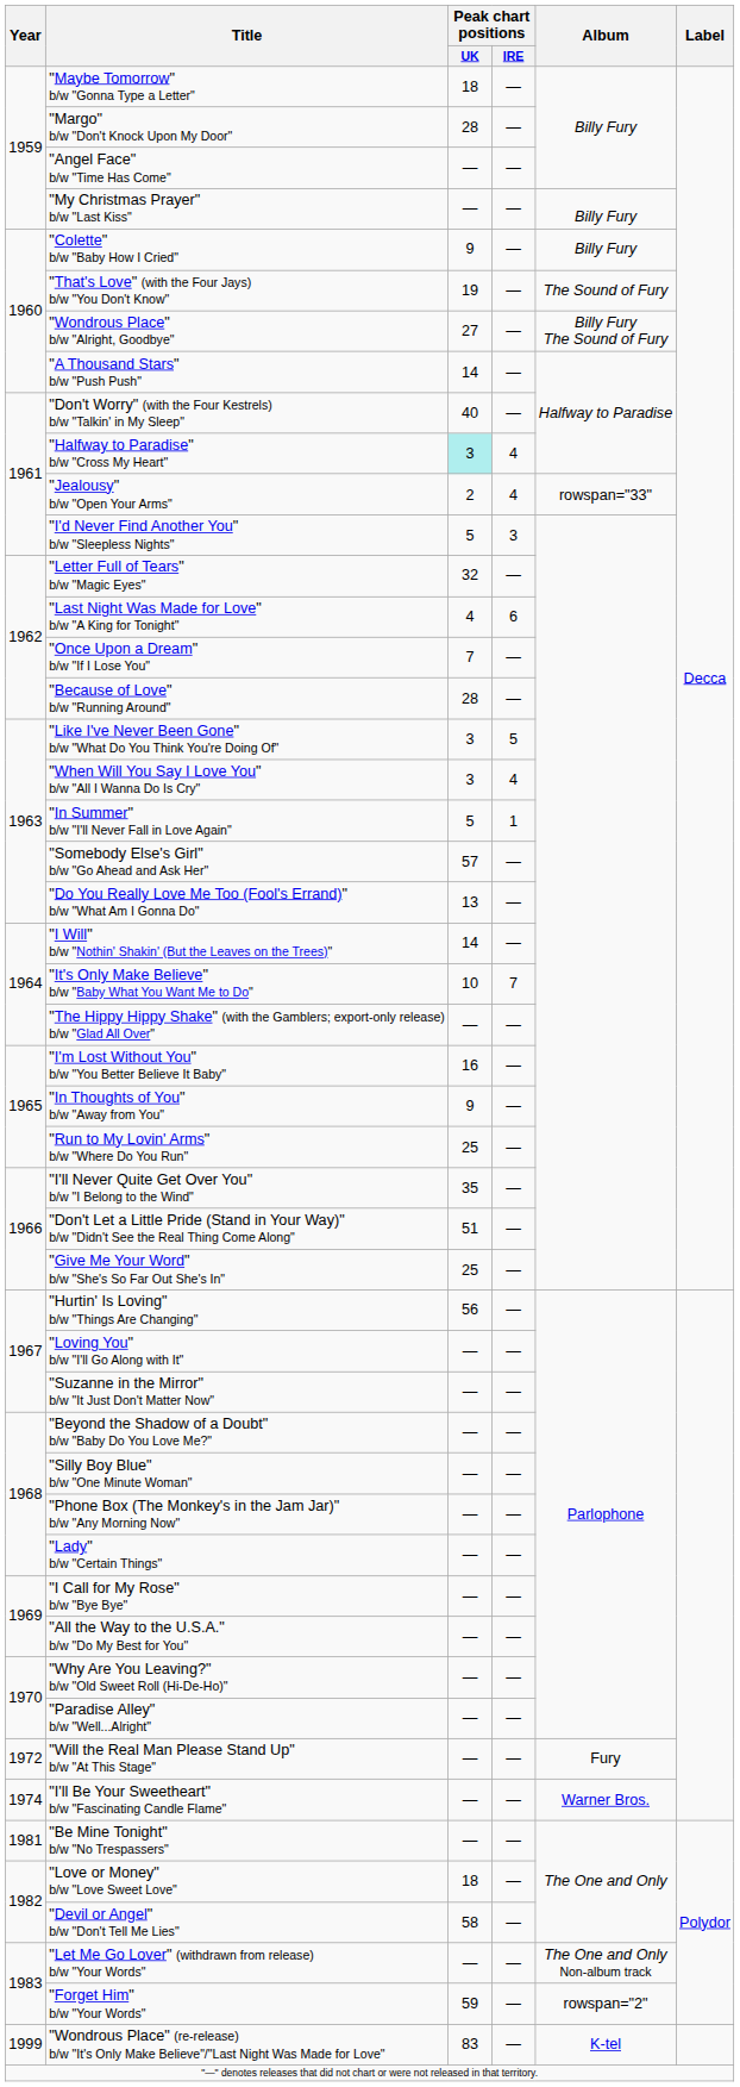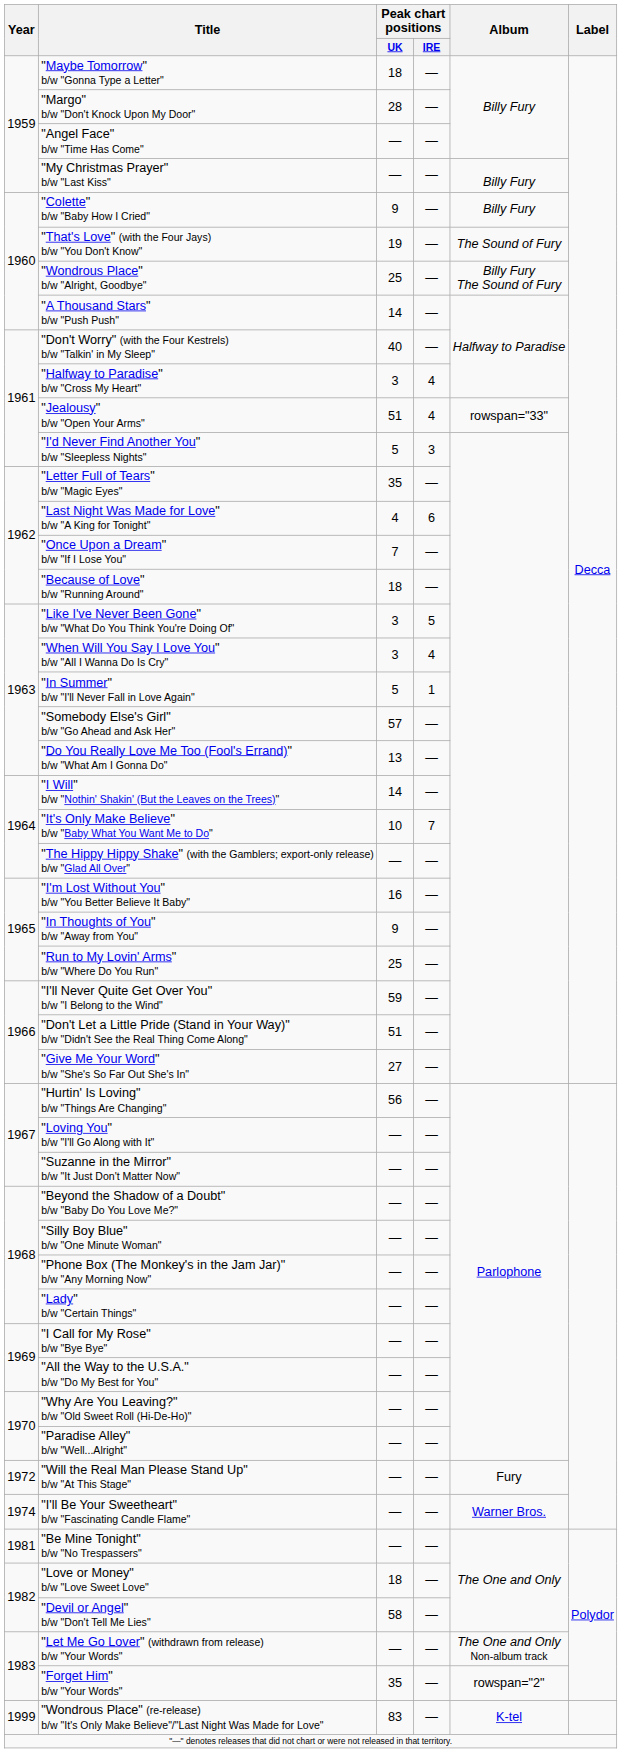 <table class="wikitable" style="text-align:center">
 <tr>
 <th rowspan="2">Year</th>
 <th rowspan="2">Title</th>
 <th colspan="2">Peak chart<br>positions</th>
 <th rowspan="2">Album</th>
 <th rowspan="2">Label</th>
 </tr>
 <tr style="font-size:smaller;">
 <th style="width:3em;"><a href='#'>UK</a><br></th>
 <th style="width:3em;"><a href='#'>IRE</a><br></th>
 </tr>
 <tr>
 <td rowspan="4">1959</td>
 <td align="left">"<a href='#'>Maybe Tomorrow</a>"<br><small>b/w "Gonna Type a Letter"</small></td>
 <td>18</td>
 <td>—</td>
 <td rowspan="3"><em>Billy Fury</em></td>
 <td rowspan="30"><a href='#'>Decca</a></td>
 </tr>
 <tr>
 <td align="left">"Margo"<br><small>b/w "Don't Knock Upon My Door"</small></td>
 <td>28</td>
 <td>—</td>
 </tr>
 <tr>
 <td align="left">"Angel Face"<br><small>b/w "Time Has Come"</small></td>
 <td>—</td>
 <td>—</td>
 </tr>
 <tr>
 <td align="left">"My Christmas Prayer"<br><small>b/w "Last Kiss"</small></td>
 <td>—</td>
 <td>—</td>
 <td><br><em>Billy Fury</em></td>
 </tr>
 <tr>
 <td rowspan="4">1960</td>
 <td align="left">"<a href='#'>Colette</a>"<br><small>b/w "Baby How I Cried"</small></td>
 <td>9</td>
 <td>—</td>
 <td><em>Billy Fury</em></td>
 </tr>
 <tr>
 <td align="left">"<a href='#'>That's Love</a>" <small>(with the Four Jays)</small><br><small>b/w "You Don't Know"</small></td>
 <td>19</td>
 <td>—</td>
 <td><em>The Sound of Fury</em></td>
 </tr>
 <tr>
 <td align="left">"<a href='#'>Wondrous Place</a>"<br><small>b/w "Alright, Goodbye"</small></td>
-<td>27</td>
+<td>25</td>
 <td>—</td>
 <td><em>Billy Fury</em><br><em>The Sound of Fury</em></td>
 </tr>
 <tr>
 <td align="left">"<a href='#'>A Thousand Stars</a>"<br><small>b/w "Push Push"</small></td>
 <td>14</td>
 <td>—</td>
 <td rowspan="3"><em>Halfway to Paradise</em></td>
 </tr>
 <tr>
 <td rowspan="4">1961</td>
 <td align="left">"Don't Worry" <small>(with the Four Kestrels)</small><br><small>b/w "Talkin' in My Sleep"</small></td>
 <td>40</td>
 <td>—</td>
 </tr>
 <tr>
 <td align="left">"<a href='#'>Halfway to Paradise</a>"<br><small>b/w "Cross My Heart"</small></td>
-<td style="background: paleturquoise;">3</td>
+<td>3</td>
 <td>4</td>
 </tr>
 <tr>
 <td align="left">"<a href='#'>Jealousy</a>"<br><small>b/w "Open Your Arms"</small></td>
-<td>2</td>
+<td>51</td>
 <td>4</td>
 <td>rowspan="33" </td>
 </tr>
 <tr>
 <td align="left">"<a href='#'>I'd Never Find Another You</a>"<br><small>b/w "Sleepless Nights"</small></td>
 <td>5</td>
 <td>3</td>
 </tr>
 <tr>
 <td rowspan="4">1962</td>
 <td align="left">"<a href='#'>Letter Full of Tears</a>"<br><small>b/w "Magic Eyes"</small></td>
-<td>32</td>
+<td>35</td>
 <td>—</td>
 </tr>
 <tr>
 <td align="left">"<a href='#'>Last Night Was Made for Love</a>"<br><small>b/w "A King for Tonight"</small></td>
 <td>4</td>
 <td>6</td>
 </tr>
 <tr>
 <td align="left">"<a href='#'>Once Upon a Dream</a>"<br><small>b/w "If I Lose You"</small></td>
 <td>7</td>
 <td>—</td>
 </tr>
 <tr>
 <td align="left">"<a href='#'>Because of Love</a>"<br><small>b/w "Running Around"</small></td>
-<td>28</td>
+<td>18</td>
 <td>—</td>
 </tr>
 <tr>
 <td rowspan="5">1963</td>
 <td align="left">"<a href='#'>Like I've Never Been Gone</a>"<br><small>b/w "What Do You Think You're Doing Of"</small></td>
 <td>3</td>
 <td>5</td>
 </tr>
 <tr>
 <td align="left">"<a href='#'>When Will You Say I Love You</a>"<br><small>b/w "All I Wanna Do Is Cry"</small></td>
 <td>3</td>
 <td>4</td>
 </tr>
 <tr>
 <td align="left">"<a href='#'>In Summer</a>"<br><small>b/w "I'll Never Fall in Love Again"</small></td>
 <td>5</td>
 <td>1</td>
 </tr>
 <tr>
 <td align="left">"Somebody Else's Girl"<br><small>b/w "Go Ahead and Ask Her"</small></td>
 <td>57</td>
 <td>—</td>
 </tr>
 <tr>
 <td align="left">"<a href='#'>Do You Really Love Me Too (Fool's Errand)</a>"<br><small>b/w "What Am I Gonna Do"</small></td>
 <td>13</td>
 <td>—</td>
 </tr>
 <tr>
 <td rowspan="3">1964</td>
 <td align="left">"<a href='#'>I Will</a>"<br><small>b/w "<a href='#'>Nothin' Shakin' (But the Leaves on the Trees)</a>"</small></td>
 <td>14</td>
 <td>—</td>
 </tr>
 <tr>
 <td align="left">"<a href='#'>It's Only Make Believe</a>"<br><small>b/w "<a href='#'>Baby What You Want Me to Do</a>"</small></td>
 <td>10</td>
 <td>7</td>
 </tr>
 <tr>
 <td align="left">"<a href='#'>The Hippy Hippy Shake</a>" <small>(with the Gamblers; export-only release)</small><br><small>b/w "<a href='#'>Glad All Over</a>"</small></td>
 <td>—</td>
 <td>—</td>
 </tr>
 <tr>
 <td rowspan="3">1965</td>
 <td align="left">"<a href='#'>I'm Lost Without You</a>"<br><small>b/w "You Better Believe It Baby"</small></td>
 <td>16</td>
 <td>—</td>
 </tr>
 <tr>
 <td align="left">"<a href='#'>In Thoughts of You</a>"<br><small>b/w "Away from You"</small></td>
 <td>9</td>
 <td>—</td>
 </tr>
 <tr>
 <td align="left">"<a href='#'>Run to My Lovin' Arms</a>"<br><small>b/w "Where Do You Run"</small></td>
 <td>25</td>
 <td>—</td>
 </tr>
 <tr>
 <td rowspan="3">1966</td>
 <td align="left">"I'll Never Quite Get Over You"<br><small>b/w "I Belong to the Wind"</small></td>
-<td>35</td>
+<td>59</td>
 <td>—</td>
 </tr>
 <tr>
 <td align="left">"Don't Let a Little Pride (Stand in Your Way)"<br><small>b/w "Didn't See the Real Thing Come Along"</small></td>
 <td>51</td>
 <td>—</td>
 </tr>
 <tr>
 <td align="left">"<a href='#'>Give Me Your Word</a>"<br><small>b/w "She's So Far Out She's In"</small></td>
-<td>25</td>
+<td>27</td>
 <td>—</td>
 </tr>
 <tr>
 <td rowspan="3">1967</td>
 <td align="left">"Hurtin' Is Loving"<br><small>b/w "Things Are Changing"</small></td>
 <td>56</td>
 <td>—</td>
 <td rowspan="11"><a href='#'>Parlophone</a></td>
 </tr>
 <tr>
 <td align="left">"<a href='#'>Loving You</a>"<br><small>b/w "I'll Go Along with It"</small></td>
 <td>—</td>
 <td>—</td>
 </tr>
 <tr>
 <td align="left">"Suzanne in the Mirror"<br><small>b/w "It Just Don't Matter Now"</small></td>
 <td>—</td>
 <td>—</td>
 </tr>
 <tr>
 <td rowspan="4">1968</td>
 <td align="left">"Beyond the Shadow of a Doubt"<br><small>b/w "Baby Do You Love Me?"</small></td>
 <td>—</td>
 <td>—</td>
 </tr>
 <tr>
 <td align="left">"Silly Boy Blue"<br><small>b/w "One Minute Woman"</small></td>
 <td>—</td>
 <td>—</td>
 </tr>
 <tr>
 <td align="left">"Phone Box (The Monkey's in the Jam Jar)"<br><small>b/w "Any Morning Now"</small></td>
 <td>—</td>
 <td>—</td>
 </tr>
 <tr>
 <td align="left">"<a href='#'>Lady</a>"<br><small>b/w "Certain Things"</small></td>
 <td>—</td>
 <td>—</td>
 </tr>
 <tr>
 <td rowspan="2">1969</td>
 <td align="left">"I Call for My Rose"<br><small>b/w "Bye Bye"</small></td>
 <td>—</td>
 <td>—</td>
 </tr>
 <tr>
 <td align="left">"All the Way to the U.S.A."<br><small>b/w "Do My Best for You"</small></td>
 <td>—</td>
 <td>—</td>
 </tr>
 <tr>
 <td rowspan="2">1970</td>
 <td align="left">"Why Are You Leaving?"<br><small>b/w "Old Sweet Roll (Hi-De-Ho)"</small></td>
 <td>—</td>
 <td>—</td>
 </tr>
 <tr>
 <td align="left">"Paradise Alley"<br><small>b/w "Well...Alright"</small></td>
 <td>—</td>
 <td>—</td>
 </tr>
 <tr>
 <td>1972</td>
 <td align="left">"Will the Real Man Please Stand Up"<br><small>b/w "At This Stage"</small></td>
 <td>—</td>
 <td>—</td>
 <td>Fury</td>
 </tr>
 <tr>
 <td>1974</td>
 <td align="left">"I'll Be Your Sweetheart"<br><small>b/w "Fascinating Candle Flame"</small></td>
 <td>—</td>
 <td>—</td>
 <td><a href='#'>Warner Bros.</a></td>
 </tr>
 <tr>
 <td>1981</td>
 <td align="left">"Be Mine Tonight"<br><small>b/w "No Trespassers"</small></td>
 <td>—</td>
 <td>—</td>
 <td rowspan="3"><em>The One and Only</em></td>
 <td rowspan="5"><a href='#'>Polydor</a></td>
 </tr>
 <tr>
 <td rowspan="2">1982</td>
 <td align="left">"Love or Money"<br><small>b/w "Love Sweet Love"</small></td>
 <td>18</td>
 <td>—</td>
 </tr>
 <tr>
 <td align="left">"<a href='#'>Devil or Angel</a>"<br><small>b/w "Don't Tell Me Lies"</small></td>
 <td>58</td>
 <td>—</td>
 </tr>
 <tr>
 <td rowspan="2">1983</td>
 <td align="left">"<a href='#'>Let Me Go Lover</a>" <small>(withdrawn from release)</small><br><small>b/w "Your Words"</small></td>
 <td>—</td>
 <td>—</td>
 <td><em>The One and Only</em><br><small>Non-album track</small></td>
 </tr>
 <tr>
 <td align="left">"<a href='#'>Forget Him</a>"<br><small>b/w "Your Words"</small></td>
-<td>59</td>
+<td>35</td>
 <td>—</td>
 <td>rowspan="2" </td>
 </tr>
 <tr>
 <td>1999</td>
 <td align="left">"Wondrous Place" <small>(re-release)</small><br><small>b/w "It's Only Make Believe"/"Last Night Was Made for Love"</small></td>
 <td>83<br></td>
 <td>—</td>
 <td><a href='#'>K-tel</a></td>
 </tr>
 <tr>
 <td colspan="6" style="font-size:8pt">"—" denotes releases that did not chart or were not released in that territory.</td>
 </tr>
 </table>
